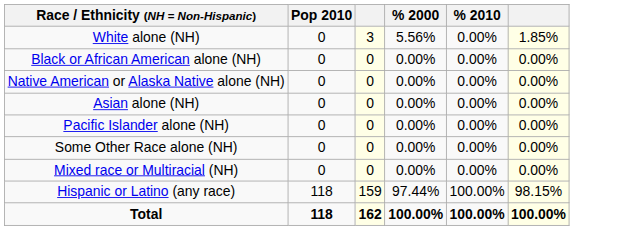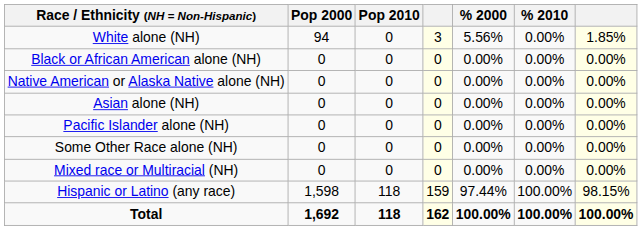 <table class="wikitable" style="text-align:center;">
 <tr>
 <th>Race / Ethnicity <small>(<em>NH = Non-Hispanic</em>)</small></th>
+<th>Pop 2000</th>
 <th>Pop 2010</th>
 <th></th>
 <th>% 2000</th>
 <th>% 2010</th>
 <th></th>
 </tr>
 <tr>
 <td><a href='#'>White</a> alone (NH)</td>
+<td>94</td>
 <td>0</td>
 <td style='background: #ffffe6;'>3</td>
 <td>5.56%</td>
 <td>0.00%</td>
 <td style='background: #ffffe6;'>1.85%</td>
 </tr>
 <tr>
 <td><a href='#'>Black or African American</a> alone (NH)</td>
 <td>0</td>
+<td>0</td>
 <td style='background: #ffffe6;'>0</td>
 <td>0.00%</td>
 <td>0.00%</td>
 <td style='background: #ffffe6;'>0.00%</td>
 </tr>
 <tr>
 <td><a href='#'>Native American</a> or <a href='#'>Alaska Native</a> alone (NH)</td>
+<td>0</td>
 <td>0</td>
 <td style='background: #ffffe6;'>0</td>
 <td>0.00%</td>
 <td>0.00%</td>
 <td style='background: #ffffe6;'>0.00%</td>
 </tr>
 <tr>
 <td><a href='#'>Asian</a> alone (NH)</td>
 <td>0</td>
+<td>0</td>
 <td style='background: #ffffe6;'>0</td>
 <td>0.00%</td>
 <td>0.00%</td>
 <td style='background: #ffffe6;'>0.00%</td>
 </tr>
 <tr>
 <td><a href='#'>Pacific Islander</a> alone (NH)</td>
+<td>0</td>
 <td>0</td>
 <td style='background: #ffffe6;'>0</td>
 <td>0.00%</td>
 <td>0.00%</td>
 <td style='background: #ffffe6;'>0.00%</td>
 </tr>
 <tr>
 <td>Some Other Race alone (NH)</td>
 <td>0</td>
+<td>0</td>
 <td style='background: #ffffe6;'>0</td>
 <td>0.00%</td>
 <td>0.00%</td>
 <td style='background: #ffffe6;'>0.00%</td>
 </tr>
 <tr>
 <td><a href='#'>Mixed race or Multiracial</a> (NH)</td>
 <td>0</td>
+<td>0</td>
 <td style='background: #ffffe6;'>0</td>
 <td>0.00%</td>
 <td>0.00%</td>
 <td style='background: #ffffe6;'>0.00%</td>
 </tr>
 <tr>
 <td><a href='#'>Hispanic or Latino</a> (any race)</td>
+<td>1,598</td>
 <td>118</td>
 <td style='background: #ffffe6;'>159</td>
 <td>97.44%</td>
 <td>100.00%</td>
 <td style='background: #ffffe6;'>98.15%</td>
 </tr>
 <tr>
 <td><strong>Total</strong></td>
+<td><strong>1,692</strong></td>
 <td><strong>118</strong></td>
 <td style='background: #ffffe6;'><strong>162</strong></td>
 <td><strong>100.00%</strong></td>
 <td><strong>100.00%</strong></td>
 <td style='background: #ffffe6;'><strong>100.00%</strong></td>
 </tr>
 </table>
